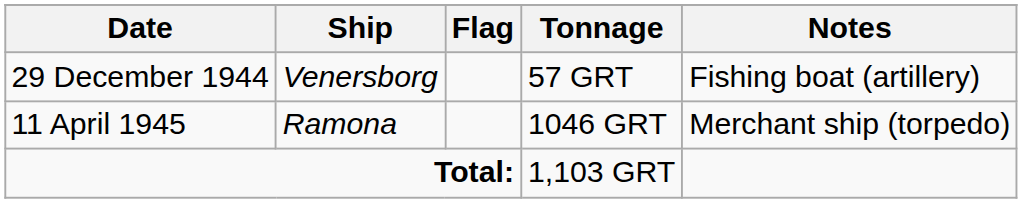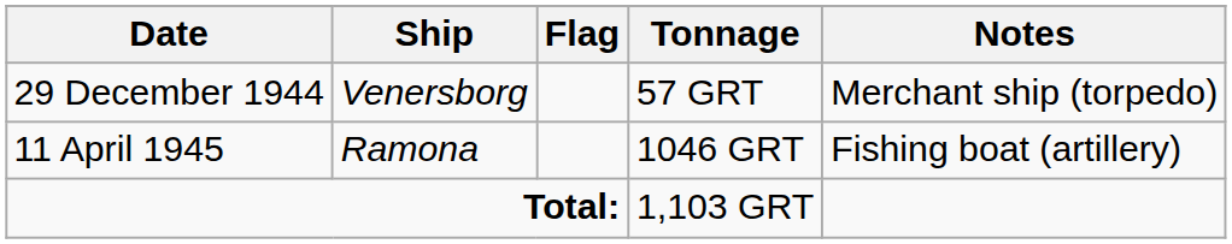 <table class="wikitable" style="margin:1em auto;">
 <tr>
 </tr>
 <tr>
 <th>Date</th>
 <th>Ship</th>
 <th>Flag</th>
 <th>Tonnage</th>
 <th>Notes</th>
 </tr>
 <tr>
 <td>29 December 1944</td>
 <td><em>Venersborg</em></td>
 <td></td>
 <td>57 GRT</td>
-<td>Fishing boat (artillery)</td>
+<td>Merchant ship (torpedo)</td>
 </tr>
 <tr>
 <td>11 April 1945</td>
 <td><em>Ramona</em></td>
 <td></td>
 <td>1046 GRT</td>
-<td>Merchant ship (torpedo)</td>
+<td>Fishing boat (artillery)</td>
 </tr>
 <tr>
 <td colspan="3" style="text-align:right;"><strong>Total:</strong></td>
 <td>1,103 GRT</td>
 <td></td>
 </tr>
 </table>
